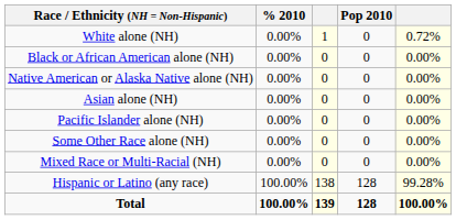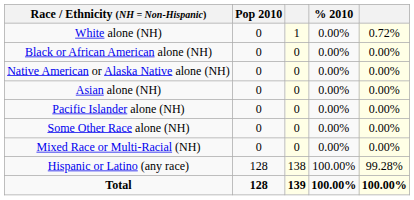 <table class="wikitable" style="text-align:center;">
 <tr>
 <th>Race / Ethnicity <small>(<em>NH = Non-Hispanic</em>)</small></th>
+<th>Pop 2010</th>
+<th></th>
 <th>% 2010</th>
-<th></th>
-<th>Pop 2010</th>
 <th></th>
 </tr>
 <tr>
 <td><a href='#'>White</a> alone (NH)</td>
+<td>0</td>
+<td style='background: #ffffe6;'>1</td>
 <td>0.00%</td>
-<td style='background: #ffffe6;'>1</td>
-<td>0</td>
 <td style='background: #ffffe6;'>0.72%</td>
 </tr>
 <tr>
 <td><a href='#'>Black or African American</a> alone (NH)</td>
+<td>0</td>
+<td style='background: #ffffe6;'>0</td>
 <td>0.00%</td>
-<td style='background: #ffffe6;'>0</td>
-<td>0</td>
 <td style='background: #ffffe6;'>0.00%</td>
 </tr>
 <tr>
 <td><a href='#'>Native American</a> or <a href='#'>Alaska Native</a> alone (NH)</td>
+<td>0</td>
+<td style='background: #ffffe6;'>0</td>
 <td>0.00%</td>
-<td style='background: #ffffe6;'>0</td>
-<td>0</td>
 <td style='background: #ffffe6;'>0.00%</td>
 </tr>
 <tr>
 <td><a href='#'>Asian</a> alone (NH)</td>
+<td>0</td>
+<td style='background: #ffffe6;'>0</td>
 <td>0.00%</td>
-<td style='background: #ffffe6;'>0</td>
-<td>0</td>
 <td style='background: #ffffe6;'>0.00%</td>
 </tr>
 <tr>
 <td><a href='#'>Pacific Islander</a> alone (NH)</td>
+<td>0</td>
+<td style='background: #ffffe6;'>0</td>
 <td>0.00%</td>
-<td style='background: #ffffe6;'>0</td>
-<td>0</td>
 <td style='background: #ffffe6;'>0.00%</td>
 </tr>
 <tr>
 <td><a href='#'>Some Other Race</a> alone (NH)</td>
+<td>0</td>
+<td style='background: #ffffe6;'>0</td>
 <td>0.00%</td>
-<td style='background: #ffffe6;'>0</td>
-<td>0</td>
 <td style='background: #ffffe6;'>0.00%</td>
 </tr>
 <tr>
 <td><a href='#'>Mixed Race or Multi-Racial</a> (NH)</td>
+<td>0</td>
+<td style='background: #ffffe6;'>0</td>
 <td>0.00%</td>
-<td style='background: #ffffe6;'>0</td>
-<td>0</td>
 <td style='background: #ffffe6;'>0.00%</td>
 </tr>
 <tr>
 <td><a href='#'>Hispanic or Latino</a> (any race)</td>
+<td>128</td>
+<td style='background: #ffffe6;'>138</td>
 <td>100.00%</td>
-<td style='background: #ffffe6;'>138</td>
-<td>128</td>
 <td style='background: #ffffe6;'>99.28%</td>
 </tr>
 <tr>
 <td><strong>Total</strong></td>
+<td><strong>128</strong></td>
+<td style='background: #ffffe6;'><strong>139</strong></td>
 <td><strong>100.00%</strong></td>
-<td style='background: #ffffe6;'><strong>139</strong></td>
-<td><strong>128</strong></td>
 <td style='background: #ffffe6;'><strong>100.00%</strong></td>
 </tr>
 </table>
